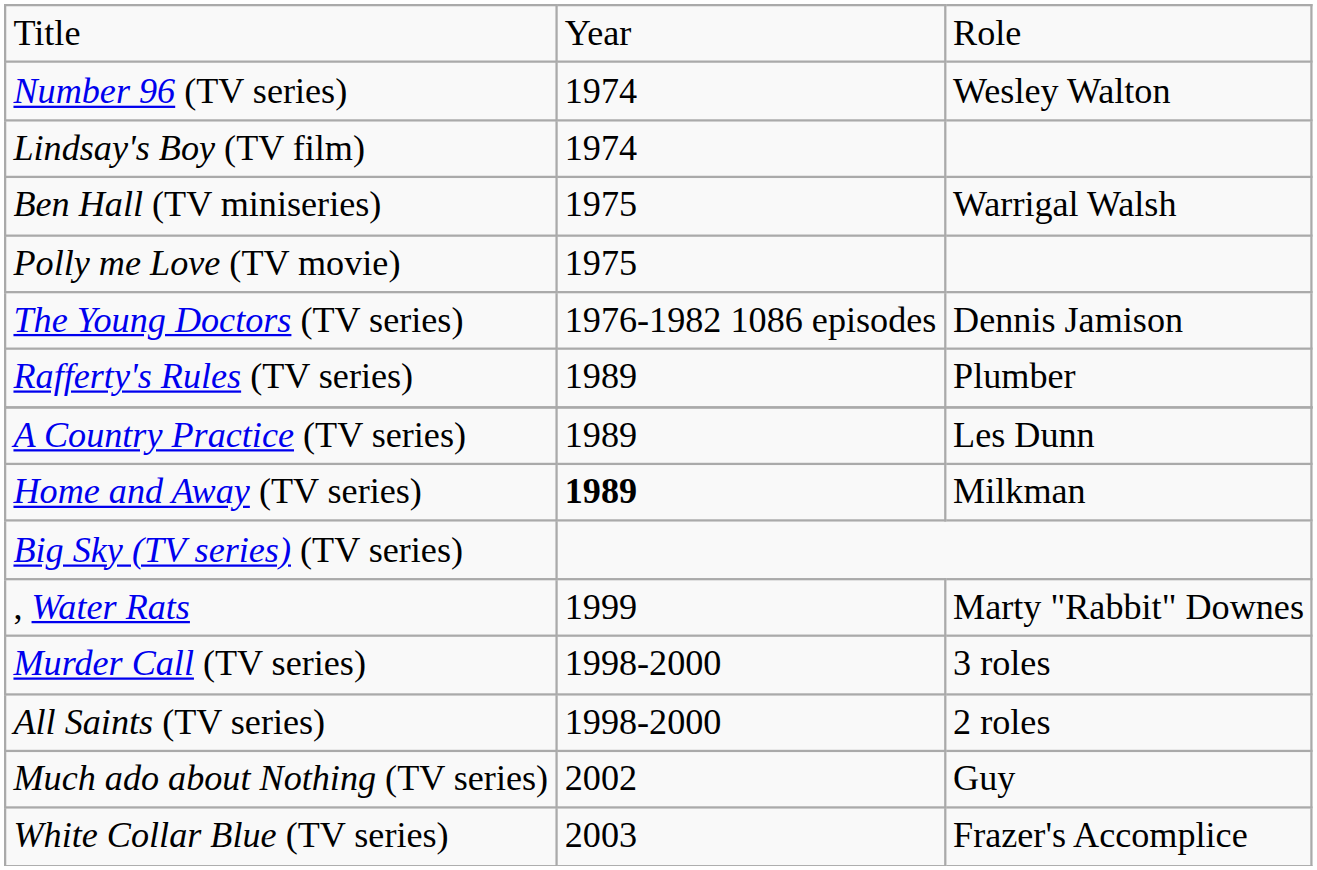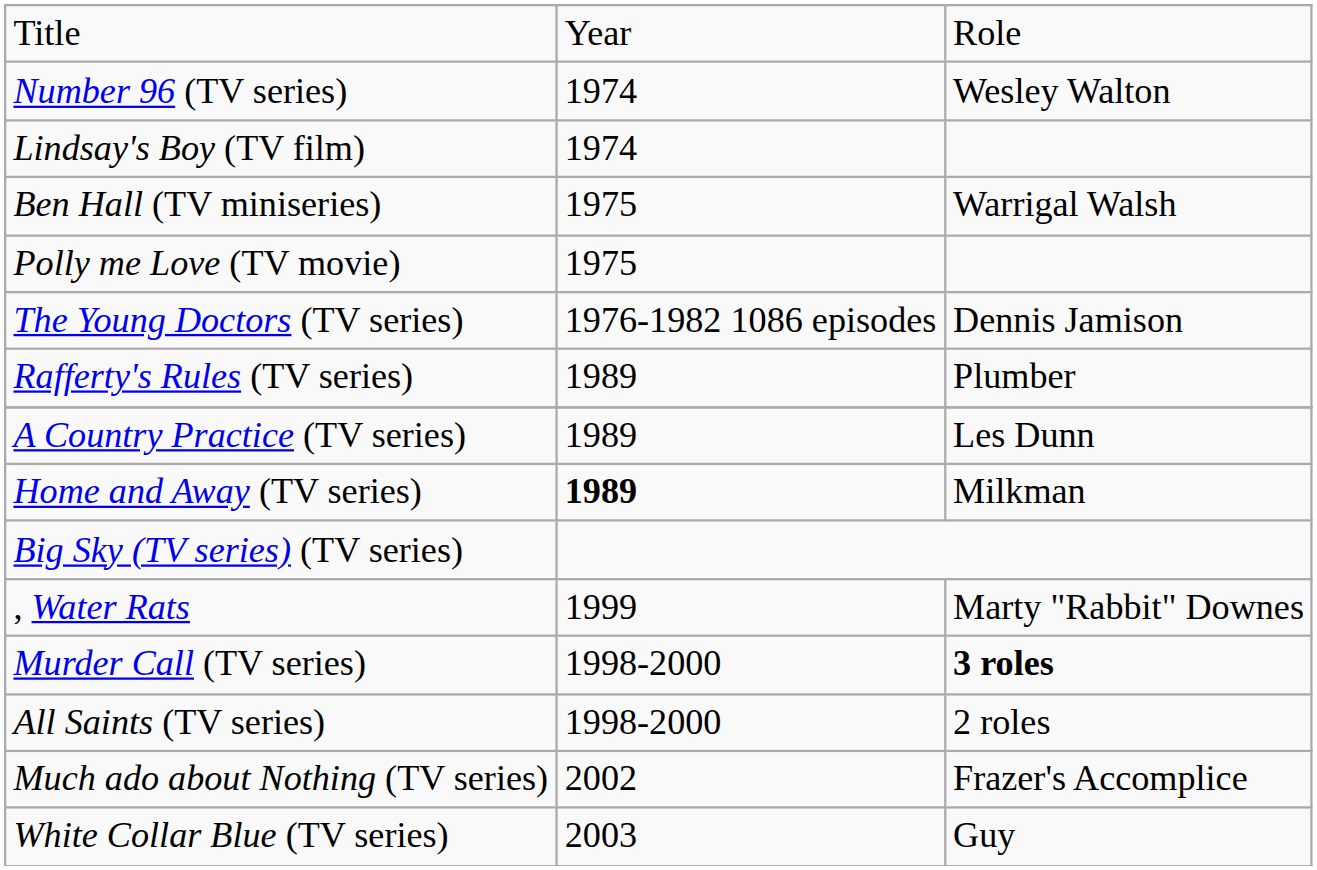 <table class="wikitable">
 <tr>
 <td>Title</td>
 <td>Year</td>
 <td>Role</td>
 </tr>
 <tr>
 <td><em><a href='#'>Number 96</a></em> (TV series)</td>
 <td>1974</td>
 <td>Wesley Walton</td>
 </tr>
 <tr>
 <td><em>Lindsay's Boy</em> (TV film)</td>
 <td>1974</td>
 <td></td>
 </tr>
 <tr>
 <td><em>Ben Hall</em> (TV miniseries)</td>
 <td>1975</td>
 <td>Warrigal Walsh</td>
 </tr>
 <tr>
 <td><em>Polly me Love</em> (TV movie)</td>
 <td>1975</td>
 <td></td>
 </tr>
 <tr>
 <td><em><a href='#'>The Young Doctors</a></em> (TV series)</td>
 <td>1976-1982 1086 episodes</td>
 <td>Dennis Jamison</td>
 </tr>
 <tr>
 <td><em><a href='#'>Rafferty's Rules</a></em> (TV series)</td>
 <td>1989</td>
 <td>Plumber</td>
 </tr>
 <tr>
 </tr>
 <tr>
 <td><em><a href='#'>A Country Practice</a></em> (TV series)</td>
 <td>1989</td>
 <td>Les Dunn</td>
 </tr>
 <tr>
 <td><em><a href='#'>Home and Away</a></em> (TV series)</td>
 <td><strong>1989</strong></td>
 <td>Milkman</td>
 </tr>
 <tr>
 <td><em><a href='#'>Big Sky (TV series)</a></em> (TV series)</td>
 </tr>
 <tr>
 <td>, <em><a href='#'>Water Rats</a></em></td>
 <td>1999</td>
 <td>Marty "Rabbit" Downes</td>
 </tr>
 <tr>
 <td><em><a href='#'>Murder Call</a></em> (TV series)</td>
 <td>1998-2000</td>
-<td>3 roles</td>
+<td><strong>3 roles</strong></td>
 </tr>
 <tr>
 <td><em>All Saints</em> (TV series)</td>
 <td>1998-2000</td>
 <td>2 roles</td>
 </tr>
 <tr>
 <td><em>Much ado about Nothing</em> (TV series)</td>
 <td>2002</td>
-<td>Guy</td>
+<td>Frazer's Accomplice</td>
 </tr>
 <tr>
 <td><em>White Collar Blue</em> (TV series)</td>
 <td>2003</td>
-<td>Frazer's Accomplice</td>
+<td>Guy</td>
 </tr>
 </table>
